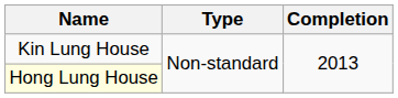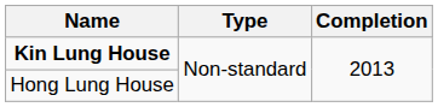 <table class="wikitable" style="text-align: center">
 <tr>
 <th>Name</th>
 <th>Type</th>
 <th>Completion</th>
 </tr>
 <tr>
-<td>Kin Lung House</td>
+<td><strong>Kin Lung House</strong></td>
 <td rowspan="2">Non-standard</td>
 <td rowspan="2">2013</td>
 </tr>
 <tr>
-<td style="background: lightyellow;">Hong Lung House</td>
+<td>Hong Lung House</td>
 </tr>
 </table>
